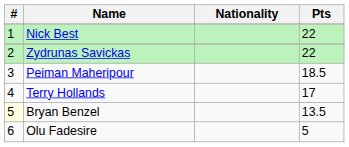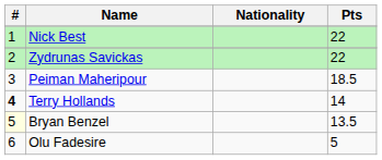 <table class="wikitable" style="display: inline-table; width: 50%;">
 <tr>
 <th>#</th>
 <th>Name</th>
 <th>Nationality</th>
 <th>Pts</th>
 </tr>
 <tr>
 </tr>
 <tr bgcolor=bbf3bb>
 <td>1</td>
 <td><a href='#'>Nick Best</a></td>
 <td></td>
 <td>22</td>
 </tr>
 <tr>
 </tr>
 <tr bgcolor=bbf3bb>
 <td>2</td>
 <td><a href='#'>Zydrunas Savickas</a></td>
 <td></td>
 <td>22</td>
 </tr>
 <tr>
 <td>3</td>
 <td><a href='#'>Peiman Maheripour</a></td>
 <td></td>
 <td>18.5</td>
 </tr>
 <tr>
-<td>4</td>
+<td><strong>4</strong></td>
 <td><a href='#'>Terry Hollands</a></td>
 <td></td>
-<td>17</td>
+<td>14</td>
 </tr>
 <tr>
 <td style="background: lightyellow;">5</td>
 <td>Bryan Benzel</td>
 <td></td>
 <td>13.5</td>
 </tr>
 <tr>
 <td>6</td>
 <td>Olu Fadesire</td>
 <td></td>
 <td>5</td>
 </tr>
 </table>
